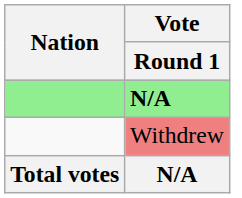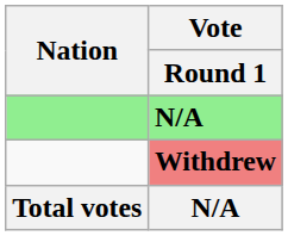 <table class="wikitable"; text-align:center">
 <tr>
 <th rowspan="2">Nation</th>
 <th colspan="2">Vote</th>
 </tr>
 <tr>
 <th>Round 1</th>
 </tr>
 <tr style="background:#90ee90">
 <td align=left><strong></strong></td>
 <td><strong>N/A</strong></td>
 </tr>
 <tr>
 <td align=left><s></s></td>
-<td style="background:#f08080">Withdrew</td>
+<td style="background:#f08080"><strong>Withdrew</strong></td>
 </tr>
 <tr>
 <th align=left>Total votes</th>
 <th>N/A</th>
 </tr>
 </table>
